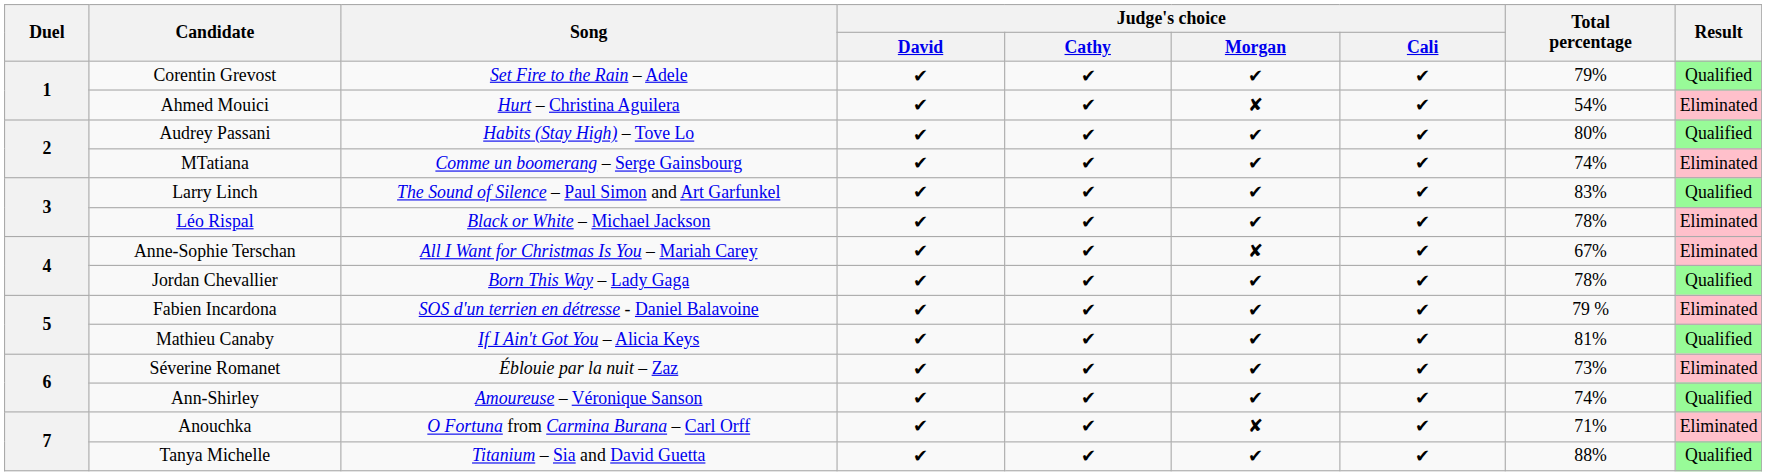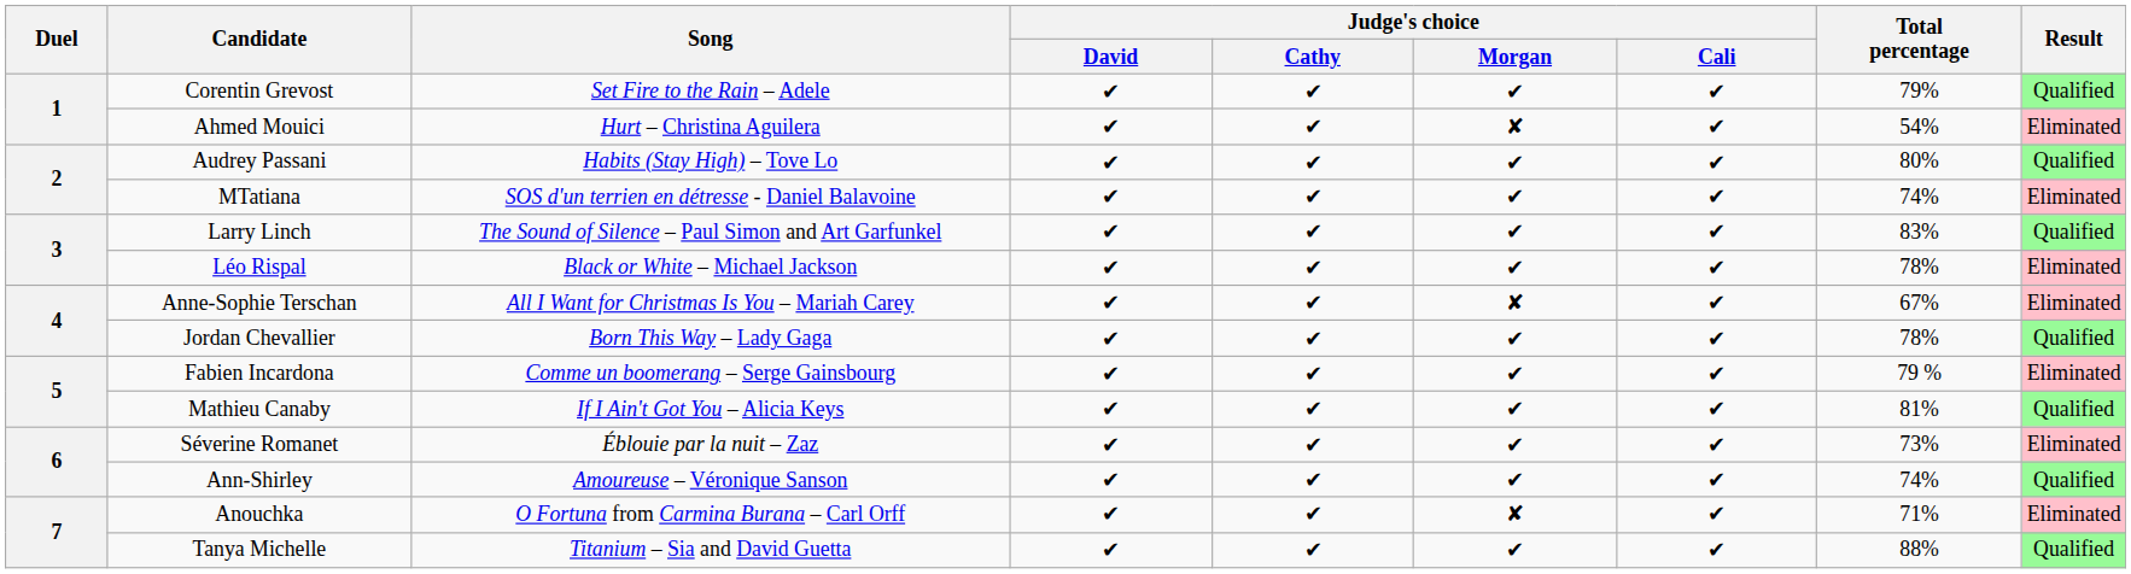 <table class="wikitable" style="text-align:center; width:100%;">
 <tr>
 <th scope="col" rowspan="2" style="width:05%;">Duel</th>
 <th scope="col" rowspan="2" style="width:15%;">Candidate</th>
 <th scope="col" rowspan="2" style="width:30%;">Song</th>
 <th scope="col" colspan="4" style="width:20%;">Judge's choice</th>
 <th scope="col" rowspan="2" style="width:15%;">Total <br>percentage</th>
 <th scope="col" rowspan="2" style="width:32%;">Result</th>
 </tr>
 <tr>
 <th width="10%"><a href='#'>David</a></th>
 <th width="10%"><a href='#'>Cathy</a></th>
 <th width="10%"><a href='#'>Morgan</a></th>
 <th width="10%"><a href='#'>Cali</a></th>
 </tr>
 <tr>
 <th rowspan=2>1</th>
 <td>Corentin Grevost</td>
 <td><em><a href='#'>Set Fire to the Rain</a></em> – <a href='#'>Adele</a></td>
 <td>✔</td>
 <td>✔</td>
 <td>✔</td>
 <td>✔</td>
 <td>79%</td>
 <td style="background:palegreen">Qualified</td>
 </tr>
 <tr>
 <td>Ahmed Mouici</td>
 <td><em><a href='#'>Hurt</a></em> – <a href='#'>Christina Aguilera</a></td>
 <td>✔</td>
 <td>✔</td>
 <td>✘</td>
 <td>✔</td>
 <td>54%</td>
 <td style="background:pink">Eliminated</td>
 </tr>
 <tr>
 <th rowspan=2>2</th>
 <td>Audrey Passani</td>
 <td><em><a href='#'>Habits (Stay High)</a></em> – <a href='#'>Tove Lo</a></td>
 <td>✔</td>
 <td>✔</td>
 <td>✔</td>
 <td>✔</td>
 <td>80%</td>
 <td style="background:palegreen">Qualified</td>
 </tr>
 <tr>
 <td>MTatiana</td>
-<td><em><a href='#'>Comme un boomerang</a></em> – <a href='#'>Serge Gainsbourg</a></td>
+<td><em><a href='#'>SOS d'un terrien en détresse</a></em> - <a href='#'>Daniel Balavoine</a></td>
 <td>✔</td>
 <td>✔</td>
 <td>✔</td>
 <td>✔</td>
 <td>74%</td>
 <td style="background:pink">Eliminated</td>
 </tr>
 <tr>
 <th rowspan=2>3</th>
 <td>Larry Linch</td>
 <td><em><a href='#'>The Sound of Silence</a></em> – <a href='#'>Paul Simon</a> and <a href='#'>Art Garfunkel</a></td>
 <td>✔</td>
 <td>✔</td>
 <td>✔</td>
 <td>✔</td>
 <td>83%</td>
 <td style="background:palegreen">Qualified</td>
 </tr>
 <tr>
 <td><a href='#'>Léo Rispal</a></td>
 <td><em><a href='#'>Black or White</a></em> – <a href='#'>Michael Jackson</a></td>
 <td>✔</td>
 <td>✔</td>
 <td>✔</td>
 <td>✔</td>
 <td>78%</td>
 <td style="background:pink">Eliminated</td>
 </tr>
 <tr>
 <th rowspan=2>4</th>
 <td>Anne-Sophie Terschan</td>
 <td><em><a href='#'>All I Want for Christmas Is You</a></em> – <a href='#'>Mariah Carey</a></td>
 <td>✔</td>
 <td>✔</td>
 <td>✘</td>
 <td>✔</td>
 <td>67%</td>
 <td style="background:pink">Eliminated</td>
 </tr>
 <tr>
 <td>Jordan Chevallier</td>
 <td><em><a href='#'>Born This Way</a></em> – <a href='#'>Lady Gaga</a></td>
 <td>✔</td>
 <td>✔</td>
 <td>✔</td>
 <td>✔</td>
 <td>78%</td>
 <td style="background:palegreen">Qualified</td>
 </tr>
 <tr>
 <th rowspan=2>5</th>
 <td>Fabien Incardona</td>
-<td><em><a href='#'>SOS d'un terrien en détresse</a></em> - <a href='#'>Daniel Balavoine</a></td>
+<td><em><a href='#'>Comme un boomerang</a></em> – <a href='#'>Serge Gainsbourg</a></td>
 <td>✔</td>
 <td>✔</td>
 <td>✔</td>
 <td>✔</td>
 <td>79 %</td>
 <td style="background:pink">Eliminated</td>
 </tr>
 <tr>
 <td>Mathieu Canaby</td>
 <td><em><a href='#'>If I Ain't Got You</a></em> – <a href='#'>Alicia Keys</a></td>
 <td>✔</td>
 <td>✔</td>
 <td>✔</td>
 <td>✔</td>
 <td>81%</td>
 <td style="background:palegreen">Qualified</td>
 </tr>
 <tr>
 <th rowspan=2>6</th>
 <td>Séverine Romanet</td>
 <td><em>Éblouie par la nuit</em> – <a href='#'>Zaz</a></td>
 <td>✔</td>
 <td>✔</td>
 <td>✔</td>
 <td>✔</td>
 <td>73%</td>
 <td style="background:pink">Eliminated</td>
 </tr>
 <tr>
 <td>Ann-Shirley</td>
 <td><em><a href='#'>Amoureuse</a></em> – <a href='#'>Véronique Sanson</a></td>
 <td>✔</td>
 <td>✔</td>
 <td>✔</td>
 <td>✔</td>
 <td>74%</td>
 <td style="background:palegreen">Qualified</td>
 </tr>
 <tr>
 <th rowspan=2>7</th>
 <td>Anouchka</td>
 <td><em><a href='#'>O Fortuna</a></em> from <em><a href='#'>Carmina Burana</a></em>  – <a href='#'>Carl Orff</a></td>
 <td>✔</td>
 <td>✔</td>
 <td>✘</td>
 <td>✔</td>
 <td>71%</td>
 <td style="background:pink">Eliminated</td>
 </tr>
 <tr>
 <td>Tanya Michelle</td>
 <td><em><a href='#'>Titanium</a></em> – <a href='#'>Sia</a> and <a href='#'>David Guetta</a></td>
 <td>✔</td>
 <td>✔</td>
 <td>✔</td>
 <td>✔</td>
 <td>88%</td>
 <td style="background:palegreen">Qualified</td>
 </tr>
 </table>
